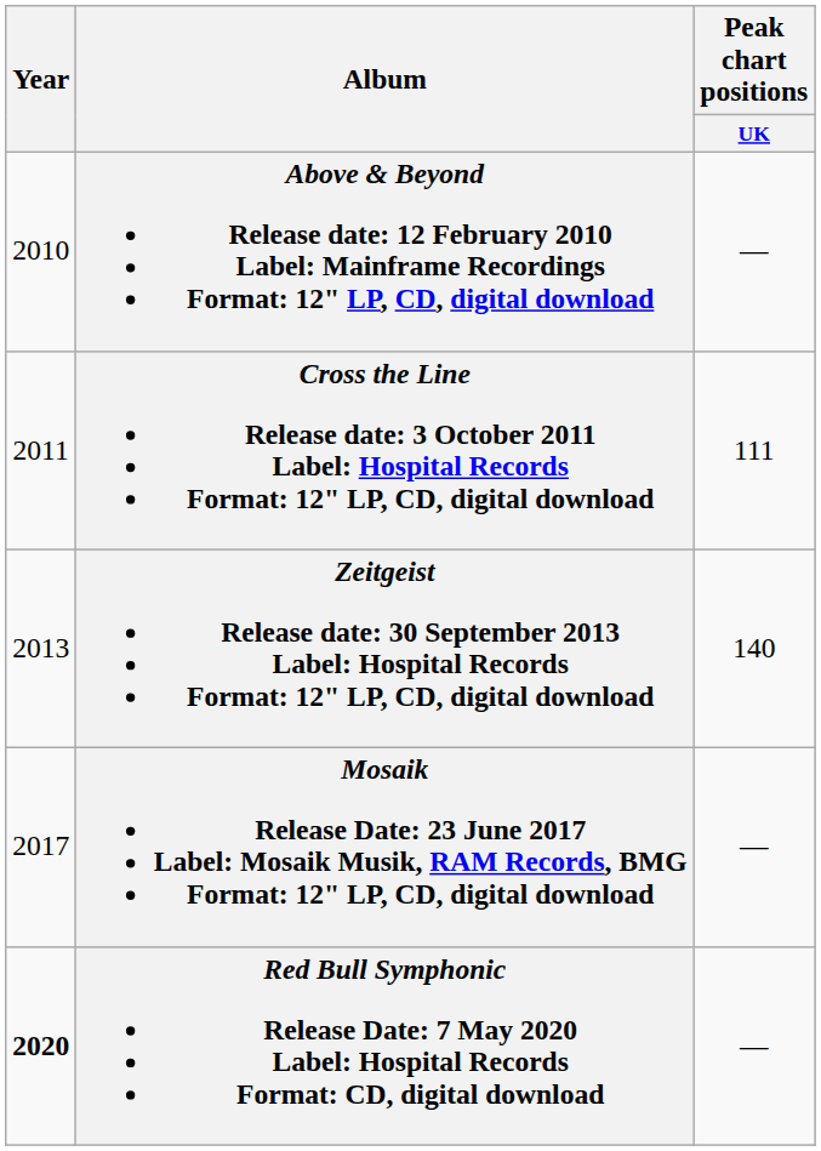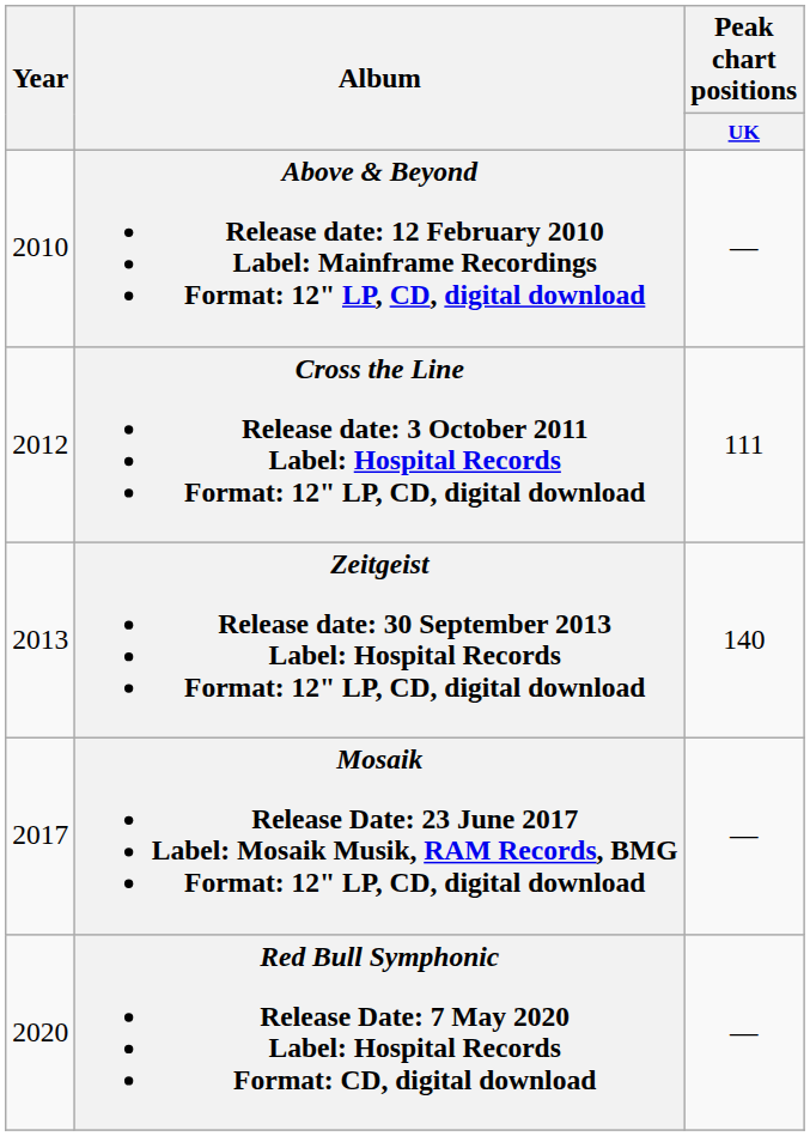 <table class="wikitable plainrowheaders" style="text-align:center;">
 <tr>
 <th rowspan="2">Year</th>
 <th rowspan="2">Album</th>
 <th colspan="1">Peak chart positions</th>
 </tr>
 <tr>
 <th style="width:3em;font-size:75%;"><a href='#'>UK</a><br></th>
 </tr>
 <tr>
 <td>2010</td>
 <th scope="row"><em>Above & Beyond</em><br><ul><li>Release date: 12 February 2010</li><li>Label: Mainframe Recordings</li><li>Format: 12" <a href='#'>LP</a>, <a href='#'>CD</a>, <a href='#'>digital download</a></li></ul></th>
 <td>—</td>
 </tr>
 <tr>
-<td>2011</td>
+<td>2012</td>
 <th scope="row"><em>Cross the Line</em><br><ul><li>Release date: 3 October 2011</li><li>Label: <a href='#'>Hospital Records</a></li><li>Format: 12" LP, CD, digital download</li></ul></th>
 <td>111</td>
 </tr>
 <tr>
 <td>2013</td>
 <th scope="row"><em>Zeitgeist</em><br><ul><li>Release date: 30 September 2013</li><li>Label: Hospital Records</li><li>Format: 12" LP, CD, digital download</li></ul></th>
 <td>140</td>
 </tr>
 <tr>
 <td>2017</td>
 <th scope="row"><em>Mosaik</em><br><ul><li>Release Date: 23 June 2017</li><li>Label: Mosaik Musik, <a href='#'>RAM Records</a>, BMG</li><li>Format: 12" LP, CD, digital download</li></ul></th>
 <td>—</td>
 </tr>
 <tr>
-<td><strong>2020</strong></td>
+<td>2020</td>
 <th scope="row"><em>Red Bull Symphonic</em><br><ul><li>Release Date: 7 May 2020</li><li>Label: Hospital Records</li><li>Format: CD, digital download</li></ul></th>
 <td>—</td>
 </tr>
 </table>
